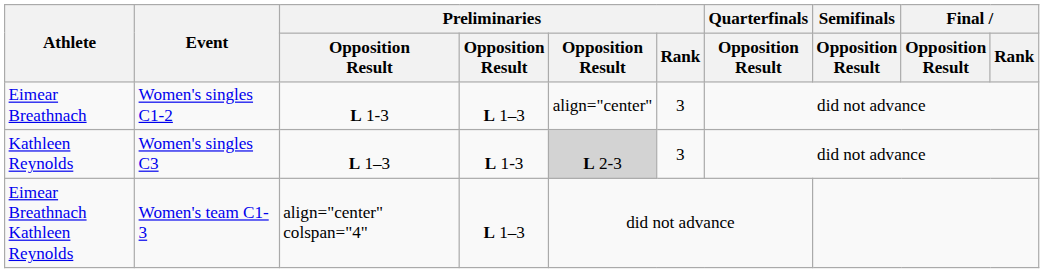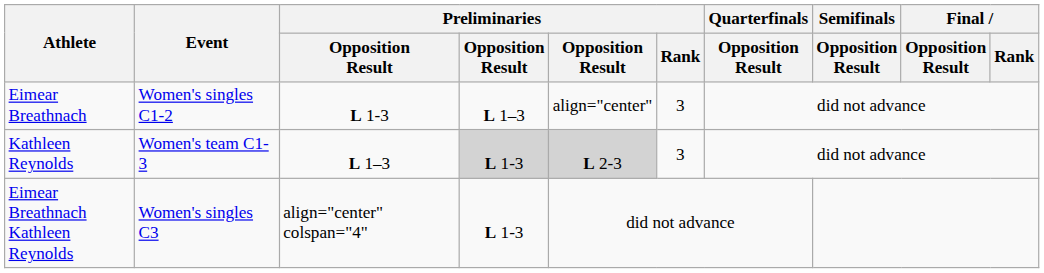 <table class=wikitable style="font-size:90%">
 <tr>
 <th rowspan="2">Athlete</th>
 <th rowspan="2">Event</th>
 <th colspan="4">Preliminaries</th>
 <th>Quarterfinals</th>
 <th>Semifinals</th>
 <th colspan="2">Final / </th>
 </tr>
 <tr>
 <th>Opposition<br>Result</th>
 <th>Opposition<br>Result</th>
 <th>Opposition<br>Result</th>
 <th>Rank</th>
 <th>Opposition<br>Result</th>
 <th>Opposition<br>Result</th>
 <th>Opposition<br>Result</th>
 <th>Rank</th>
 </tr>
 <tr>
 <td><a href='#'>Eimear Breathnach</a></td>
 <td><a href='#'>Women's singles C1-2</a></td>
 <td align="center"><br><strong>L</strong> 1-3</td>
 <td align="center"><br><strong>L</strong> 1–3</td>
 <td>align="center" </td>
 <td align="center">3</td>
 <td align="center" colspan="4">did not advance</td>
 </tr>
 <tr>
 <td><a href='#'>Kathleen Reynolds</a></td>
-<td><a href='#'>Women's singles C3</a></td>
+<td><a href='#'>Women's team C1-3</a></td>
 <td align="center"><br><strong>L</strong> 1–3</td>
-<td align="center"><br><strong>L</strong> 1-3</td>
+<td align="center" style="background: lightgrey;"><br><strong>L</strong> 1-3</td>
 <td align="center" style="background: lightgrey;"><br><strong>L</strong> 2-3</td>
 <td align="center">3</td>
 <td align="center" colspan="4">did not advance</td>
 </tr>
 <tr>
 <td><a href='#'>Eimear Breathnach</a><br> <a href='#'>Kathleen Reynolds</a></td>
-<td><a href='#'>Women's team C1-3</a></td>
+<td><a href='#'>Women's singles C3</a></td>
 <td>align="center" colspan="4" </td>
-<td align="center"><br><strong>L</strong> 1–3</td>
+<td align="center"><br><strong>L</strong> 1-3</td>
 <td align="center" colspan="3">did not advance</td>
 </tr>
 </table>
